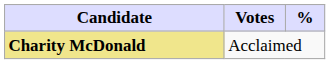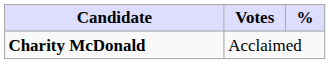 <table class="wikitable">
 <tr>
 <th style="background:#ddf; width:200px;">Candidate</th>
 <th style="background:#ddf; width:50px;">Votes</th>
 <th style="background:#ddf; width:30px;">%</th>
 </tr>
 <tr>
-<td style="background: khaki;"><strong>Charity McDonald</strong></td>
+<td><strong>Charity McDonald</strong></td>
 <td colspan="2">Acclaimed</td>
 </tr>
 </table>
